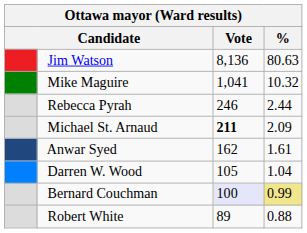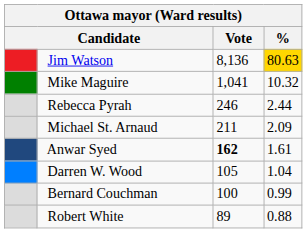 <table class="wikitable">
 <tr>
 <th colspan="4">Ottawa mayor (Ward results)</th>
 </tr>
 <tr>
 <th bgcolor="#DDDDFF" width="230px" colspan="2">Candidate</th>
 <th bgcolor="#DDDDFF" width="50px">Vote</th>
 <th bgcolor="#DDDDFF" width="30px">%</th>
 </tr>
 <tr>
 <td bgcolor=#ED1D24 width="30px"> </td>
 <td>  <a href='#'>Jim Watson</a></td>
 <td>8,136</td>
-<td>80.63</td>
+<td style="background: gold;">80.63</td>
 </tr>
 <tr>
 <td bgcolor=#008000 width="30px"> </td>
 <td>  Mike Maguire</td>
 <td>1,041</td>
 <td>10.32</td>
 </tr>
 <tr>
 <td bgcolor=#DCDCDC width="30px"> </td>
 <td>  Rebecca Pyrah</td>
 <td>246</td>
 <td>2.44</td>
 </tr>
 <tr>
 <td bgcolor=#DCDCDC width="30px"> </td>
 <td>  Michael St. Arnaud</td>
-<td><strong>211</strong></td>
+<td>211</td>
 <td>2.09</td>
 </tr>
 <tr>
 <td bgcolor=#20487E width="30px"> </td>
 <td>  Anwar Syed</td>
-<td>162</td>
+<td><strong>162</strong></td>
 <td>1.61</td>
 </tr>
 <tr>
 <td bgcolor=#007FFF width="30px"> </td>
 <td>  Darren W. Wood</td>
 <td>105</td>
 <td>1.04</td>
 </tr>
 <tr>
 <td bgcolor=#DCDCDC width="30px"> </td>
 <td>  Bernard Couchman</td>
-<td style="background: lavender;">100</td>
-<td style="background: khaki;">0.99</td>
+<td>100</td>
+<td>0.99</td>
 </tr>
 <tr>
 <td bgcolor=#DCDCDC width="30px"> </td>
 <td>  Robert White</td>
 <td>89</td>
 <td>0.88</td>
 </tr>
 </table>
